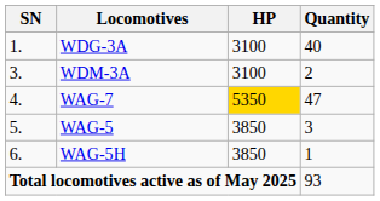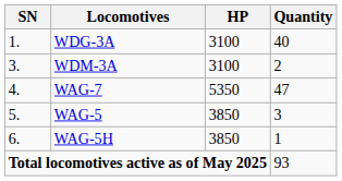 <table class="wikitable">
 <tr>
 <th>SN</th>
 <th>Locomotives</th>
 <th>HP</th>
 <th>Quantity</th>
 </tr>
 <tr>
 <td>1.</td>
 <td><a href='#'>WDG-3A</a></td>
 <td>3100</td>
 <td>40</td>
 </tr>
 <tr>
 <td>3.</td>
 <td><a href='#'>WDM-3A</a></td>
 <td>3100</td>
 <td>2</td>
 </tr>
 <tr>
 <td>4.</td>
 <td><a href='#'>WAG-7</a></td>
-<td style="background: gold;">5350</td>
+<td>5350</td>
 <td>47</td>
 </tr>
 <tr>
 <td>5.</td>
 <td><a href='#'>WAG-5</a></td>
 <td>3850</td>
 <td>3</td>
 </tr>
 <tr>
 <td>6.</td>
 <td><a href='#'>WAG-5H</a></td>
 <td>3850</td>
 <td>1</td>
 </tr>
 <tr>
 <td colspan="3"><strong>Total locomotives active as of May 2025</strong></td>
 <td>93</td>
 </tr>
 </table>
